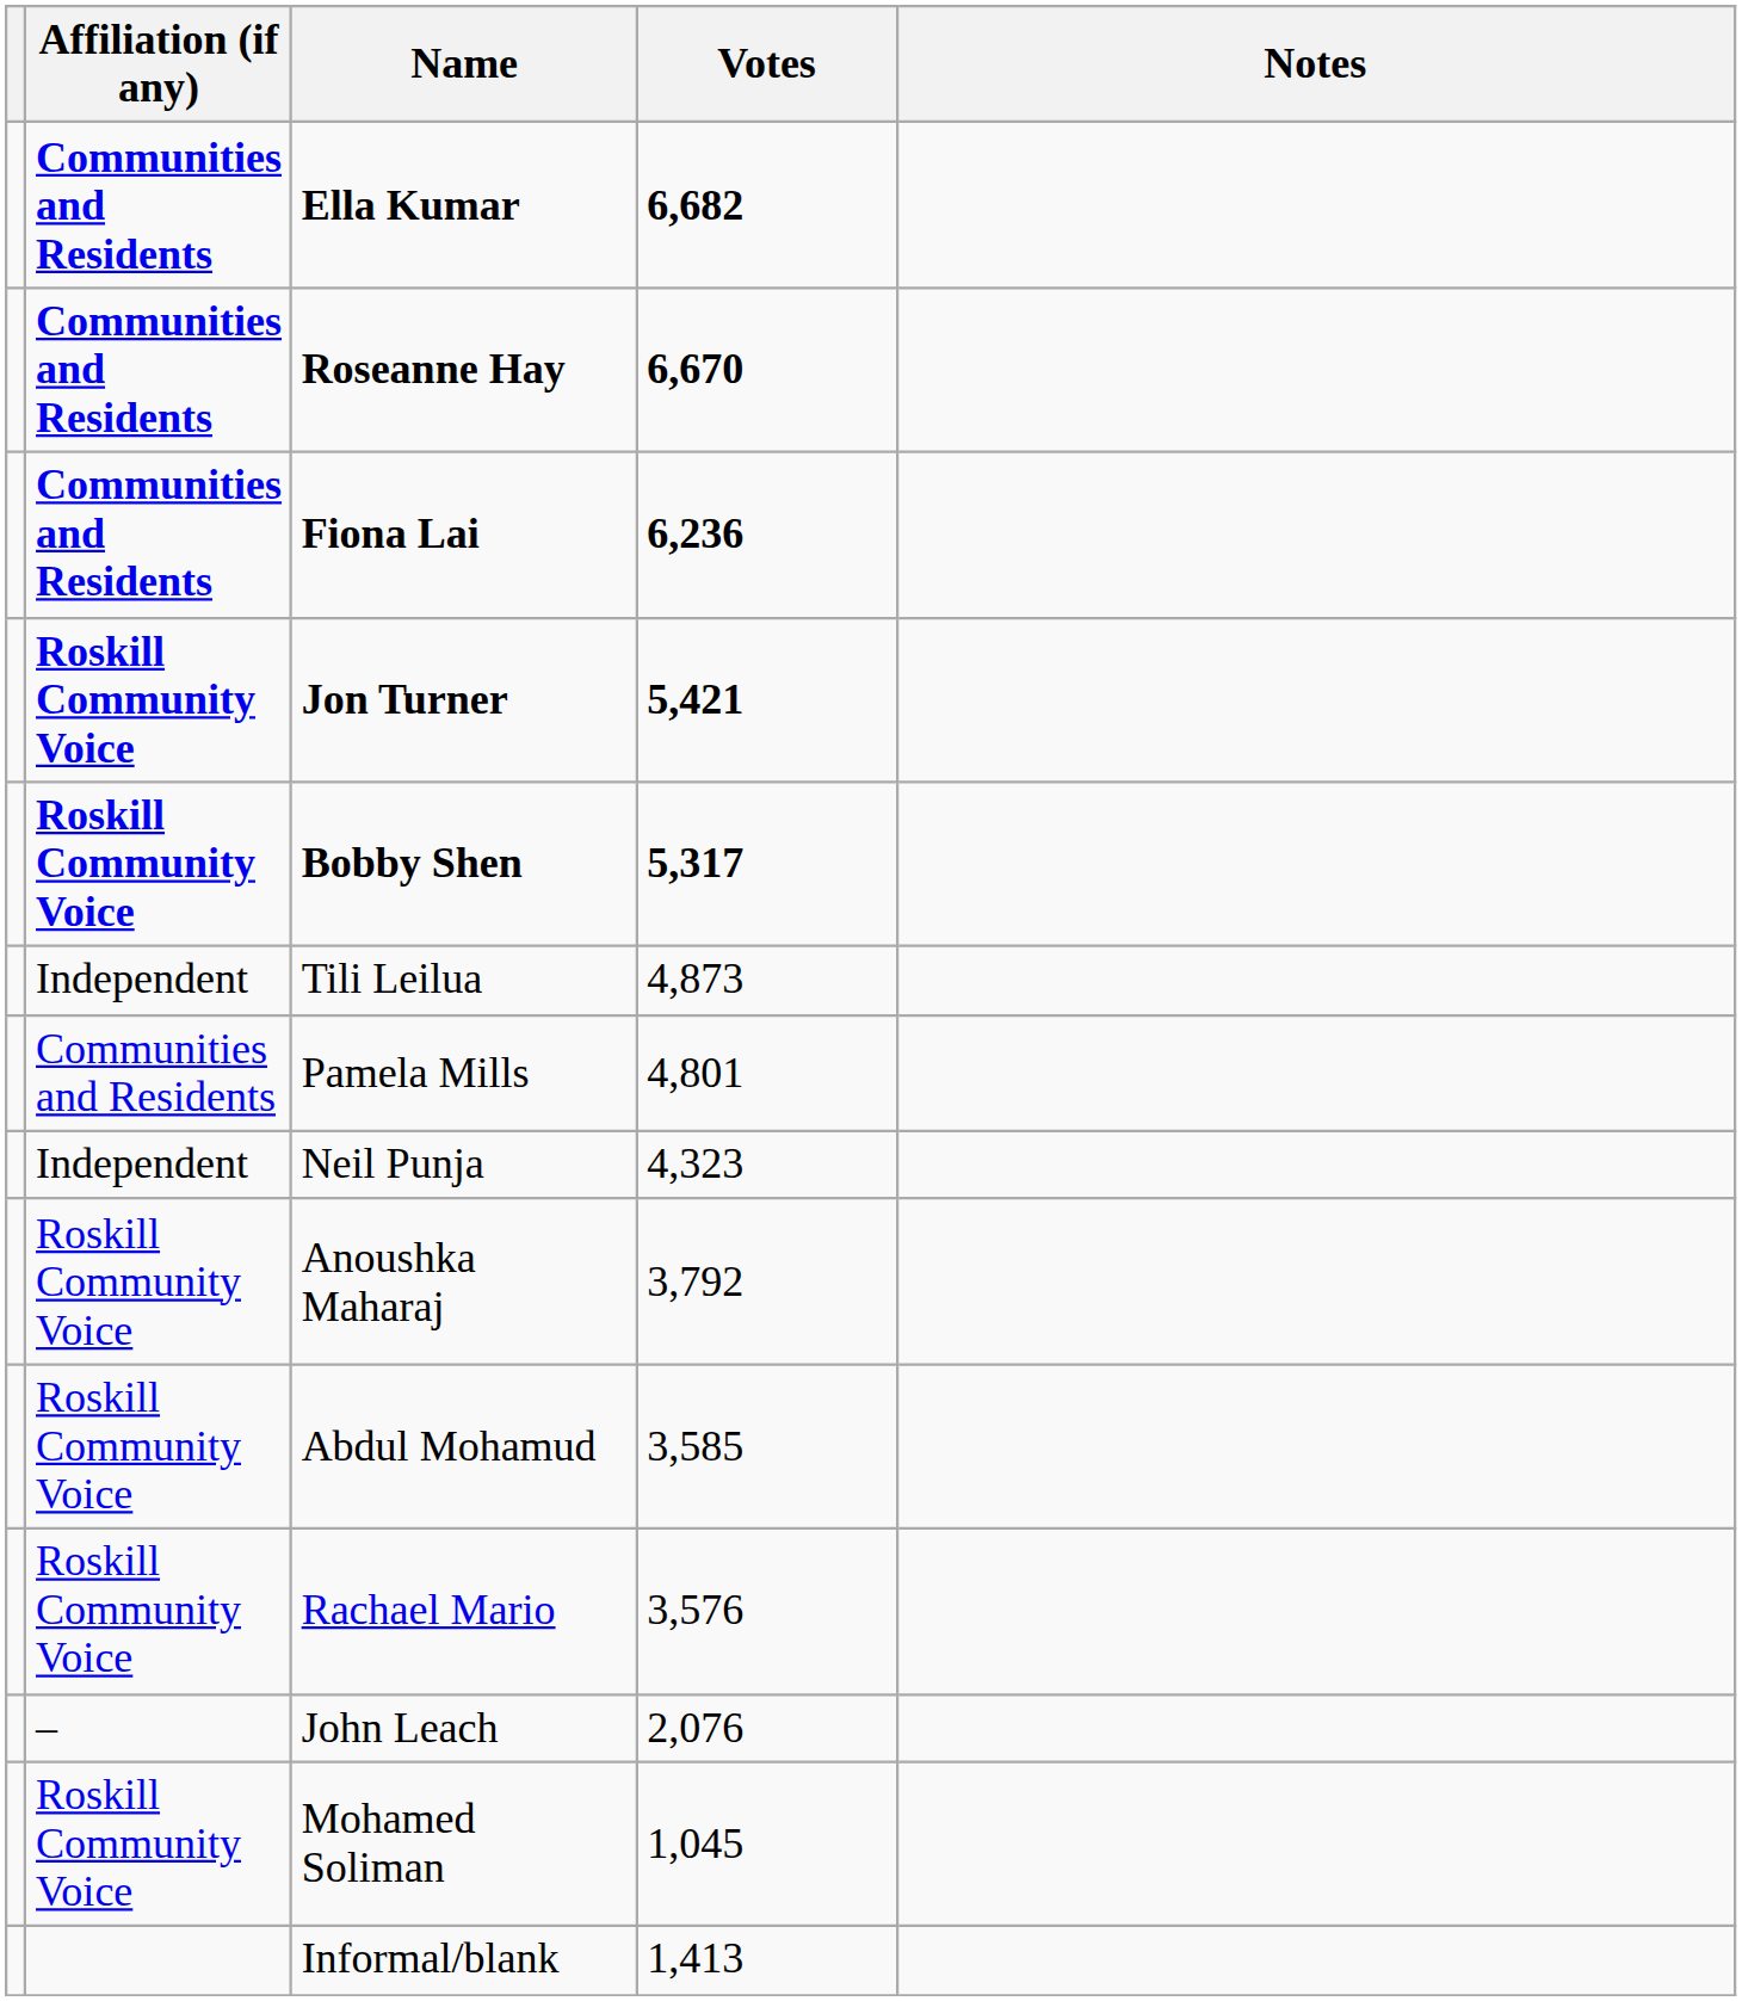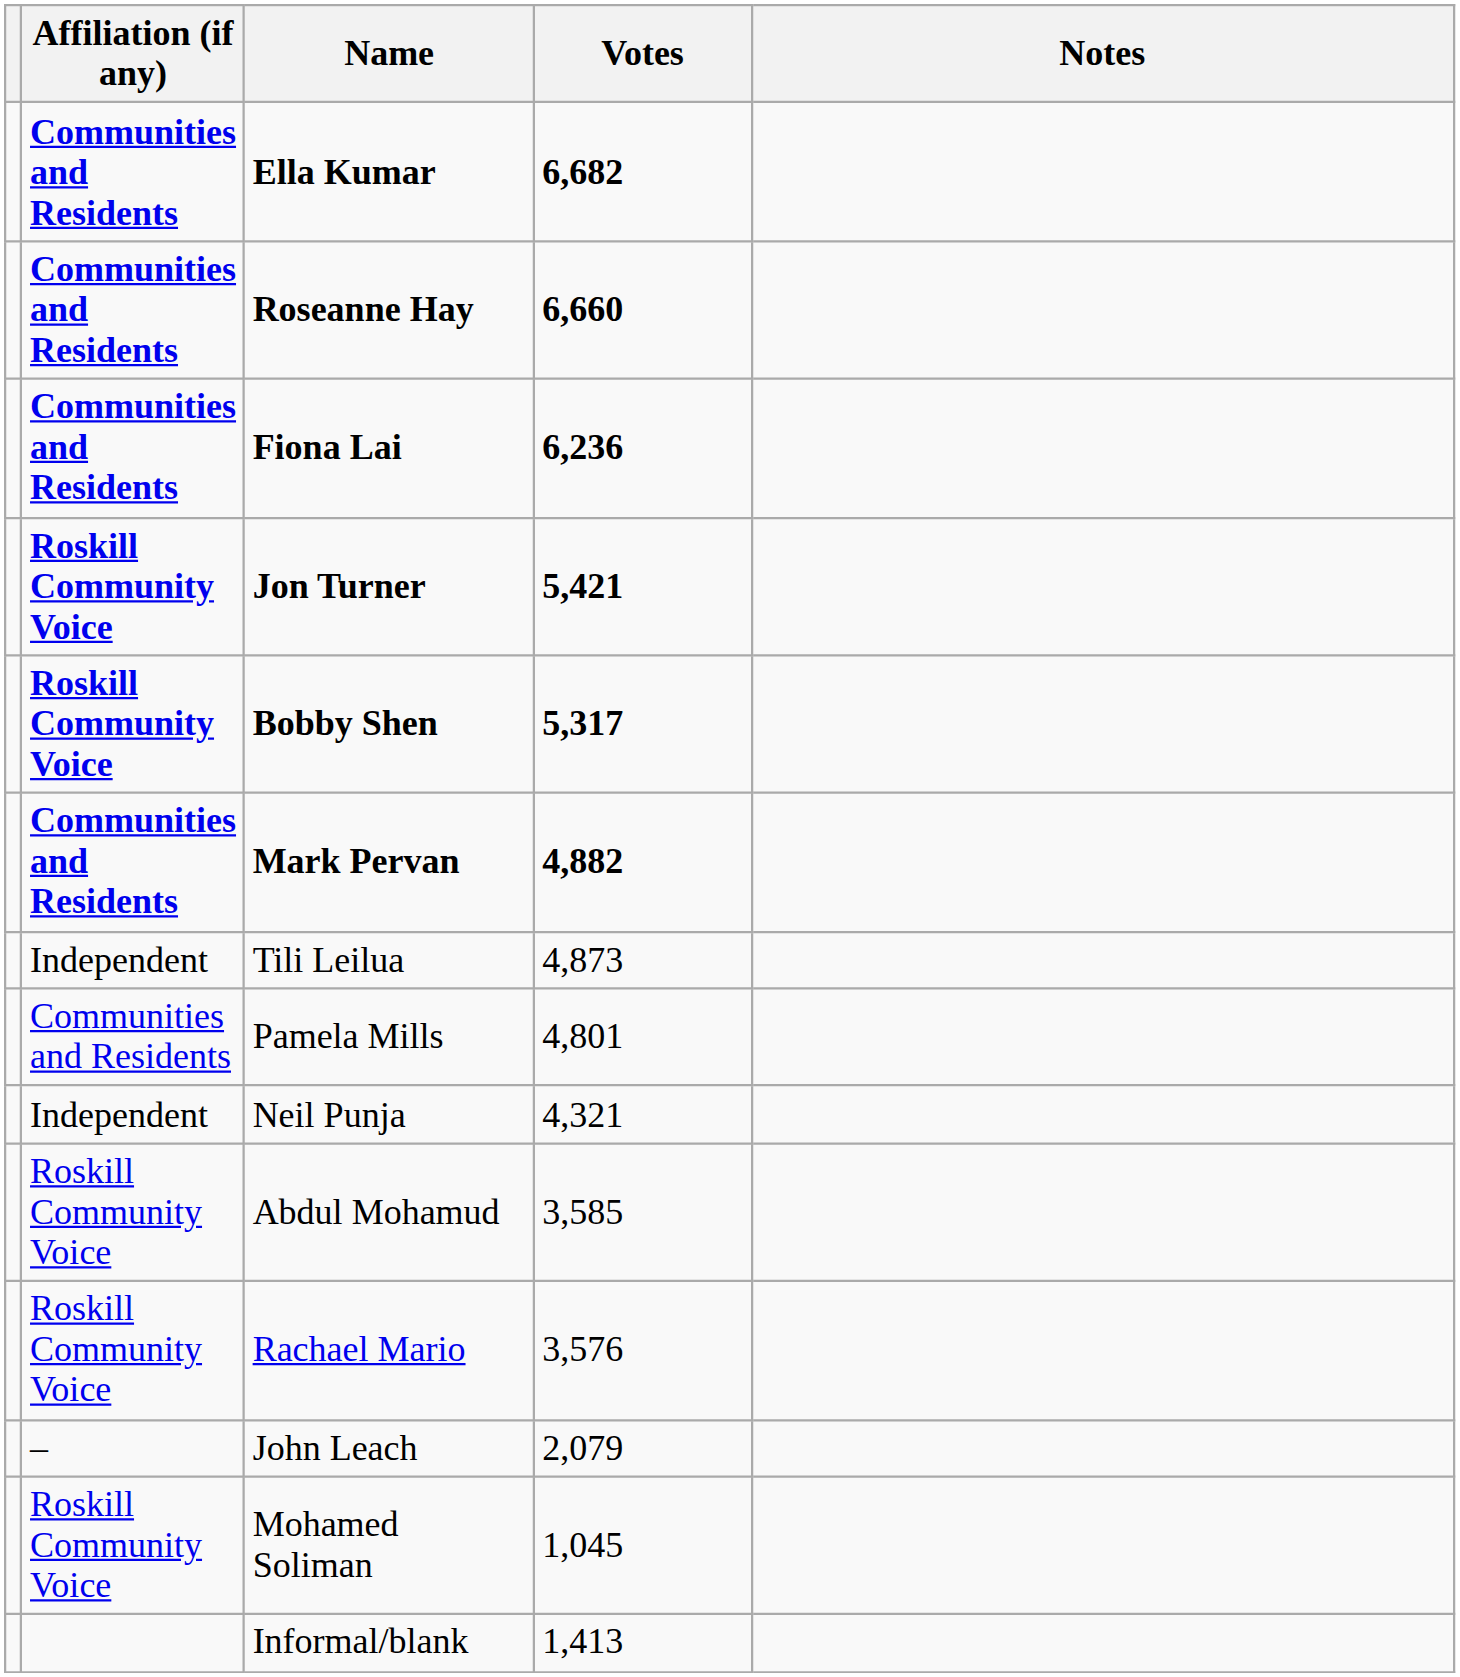 <table class="wikitable" style="width:51%;">
 <tr>
 <th style="width:1%;"></th>
 <th style="width:15%;">Affiliation (if any)</th>
 <th style="width:20%;">Name</th>
 <th style="width:15%;">Votes</th>
 <th>Notes</th>
 </tr>
 <tr>
 <td></td>
 <td><strong><a href='#'>Communities and Residents</a> </strong></td>
 <td><strong>Ella Kumar</strong></td>
 <td><strong>6,682</strong></td>
 <td></td>
 </tr>
 <tr>
 <td></td>
 <td><strong><a href='#'>Communities and Residents</a> </strong></td>
 <td><strong>Roseanne Hay</strong></td>
-<td><strong>6,670</strong></td>
+<td><strong>6,660</strong></td>
 <td></td>
 </tr>
 <tr>
 <td bgcolor=></td>
 <td><strong><a href='#'>Communities and Residents</a> </strong></td>
 <td><strong>Fiona Lai</strong></td>
 <td><strong>6,236</strong></td>
 <td></td>
 </tr>
 <tr>
 <td bgcolor=></td>
 <td><strong><a href='#'>Roskill Community Voice</a></strong></td>
 <td><strong>Jon Turner</strong></td>
 <td><strong>5,421</strong></td>
 <td></td>
 </tr>
 <tr>
 <td bgcolor=></td>
 <td><strong><a href='#'>Roskill Community Voice</a></strong></td>
 <td><strong>Bobby Shen</strong></td>
 <td><strong>5,317</strong></td>
 <td></td>
 </tr>
 <tr>
 <td bgcolor=></td>
+<td><strong><a href='#'>Communities and Residents</a> </strong></td>
+<td><strong>Mark Pervan</strong></td>
+<td><strong>4,882</strong></td>
+<td></td>
+</tr>
+<tr>
+<td bgcolor=></td>
 <td>Independent</td>
 <td>Tili Leilua</td>
 <td>4,873</td>
 <td></td>
 </tr>
 <tr>
 <td bgcolor=></td>
 <td><a href='#'>Communities and Residents</a></td>
 <td>Pamela Mills</td>
 <td>4,801</td>
 <td></td>
 </tr>
 <tr>
 <td bgcolor=></td>
 <td>Independent</td>
 <td>Neil Punja</td>
-<td>4,323</td>
-</tr>
-<tr>
-<td bgcolor=></td>
-<td><a href='#'>Roskill Community Voice</a></td>
-<td>Anoushka Maharaj</td>
-<td>3,792</td>
-<td></td>
+<td>4,321</td>
 </tr>
 <tr>
 <td></td>
 <td><a href='#'>Roskill Community Voice</a></td>
 <td>Abdul Mohamud</td>
 <td>3,585</td>
 <td></td>
 </tr>
 <tr>
 <td></td>
 <td><a href='#'>Roskill Community Voice</a></td>
 <td><a href='#'>Rachael Mario</a></td>
 <td>3,576</td>
 <td></td>
 </tr>
 <tr>
 <td bgcolor=></td>
 <td>–</td>
 <td>John Leach</td>
-<td>2,076</td>
+<td>2,079</td>
 <td></td>
 </tr>
 <tr>
 <td bgcolor=></td>
 <td><a href='#'>Roskill Community Voice</a></td>
 <td>Mohamed Soliman</td>
 <td>1,045</td>
 <td></td>
 </tr>
 <tr>
 <td></td>
 <td></td>
 <td>Informal/blank</td>
 <td>1,413</td>
 <td></td>
 </tr>
 </table>
